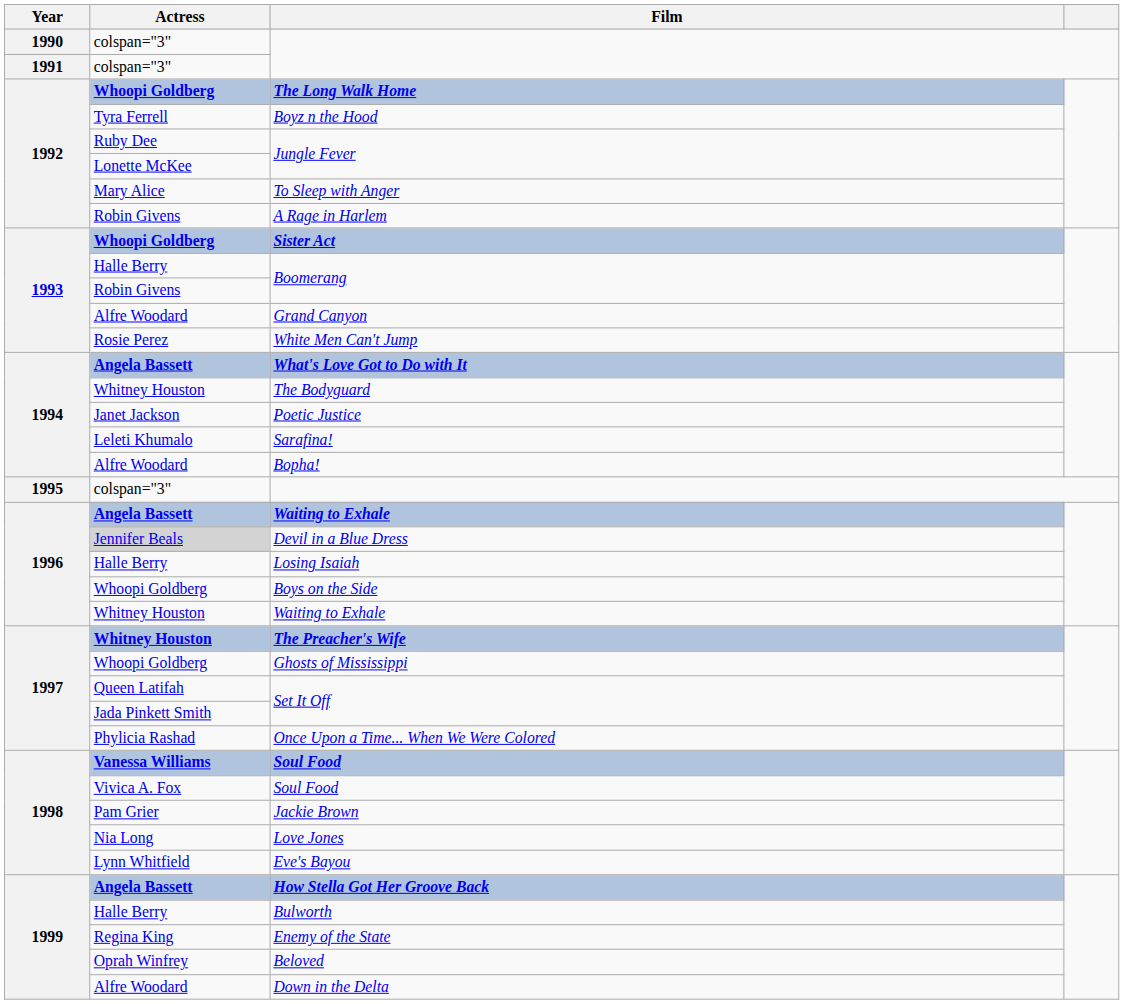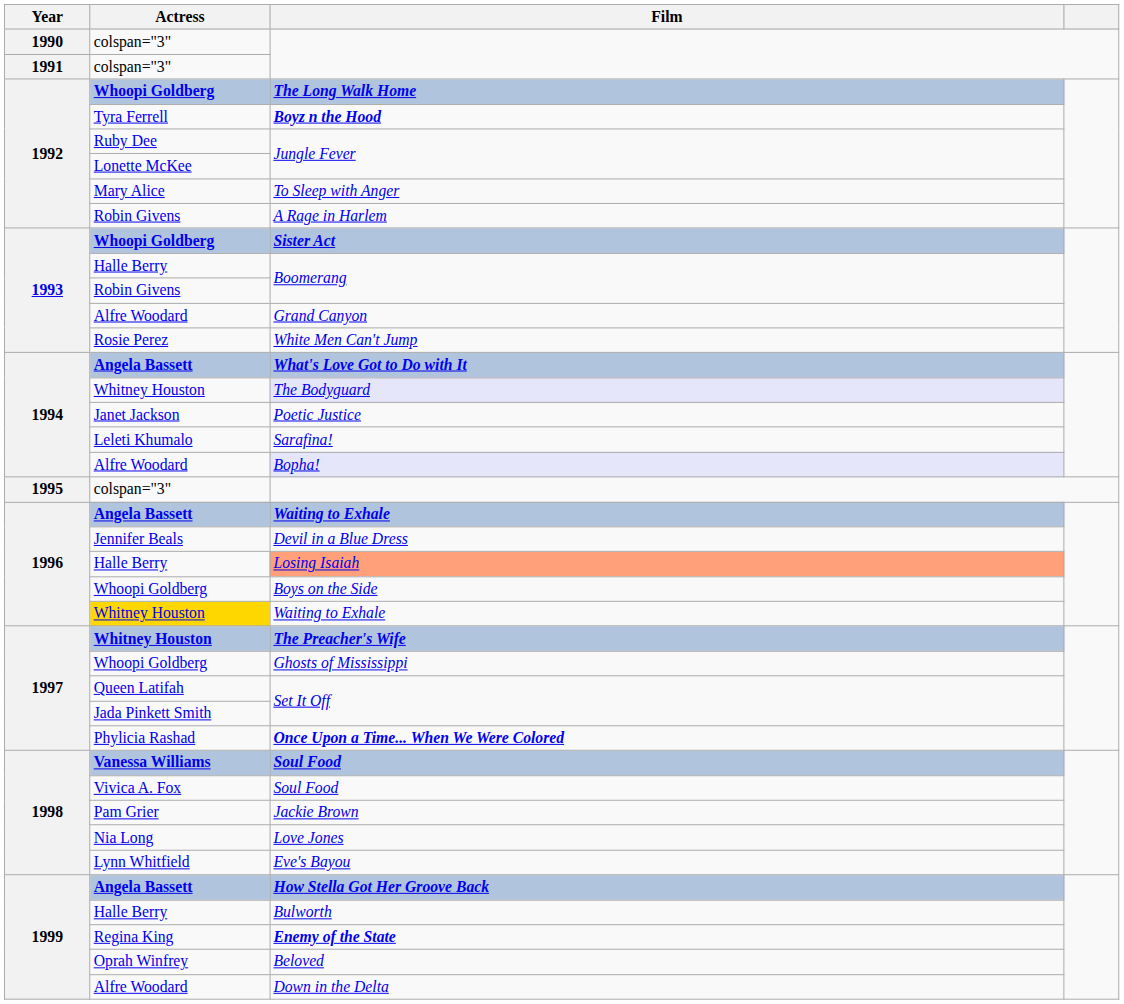 <table class="wikitable" style="width:90%;">
 <tr style="background:#bebebe;">
 <th scope="col" style="width:5em;">Year</th>
 <th scope="col" style="width:11em;">Actress</th>
 <th scope="col">Film</th>
 <th scope="col" style="width:3em;"></th>
 </tr>
 <tr>
 <th scope="row">1990</th>
 <td>colspan="3" </td>
 </tr>
 <tr>
 <th scope="row">1991</th>
 <td>colspan="3" </td>
 </tr>
 <tr>
 <th scope="row" rowspan="6">1992</th>
 <td style="background:#B0C4DE; font-weight:bold;"><a href='#'>Whoopi Goldberg</a></td>
 <td style="background:#B0C4DE; font-weight:bold;"><em><a href='#'>The Long Walk Home</a></em></td>
 <td rowspan="6" style="text-align:center;"></td>
 </tr>
 <tr>
 <td><a href='#'>Tyra Ferrell</a></td>
-<td><em><a href='#'>Boyz n the Hood</a></em></td>
+<td><strong><em><a href='#'>Boyz n the Hood</a></em></strong></td>
 </tr>
 <tr>
 <td><a href='#'>Ruby Dee</a></td>
 <td rowspan="2"><em><a href='#'>Jungle Fever</a></em></td>
 </tr>
 <tr>
 <td><a href='#'>Lonette McKee</a></td>
 </tr>
 <tr>
 <td><a href='#'>Mary Alice</a></td>
 <td><em><a href='#'>To Sleep with Anger</a></em></td>
 </tr>
 <tr>
 <td><a href='#'>Robin Givens</a></td>
 <td><em><a href='#'>A Rage in Harlem</a></em></td>
 </tr>
 <tr>
 <th scope="row" rowspan="5"><a href='#'>1993</a></th>
 <td style="background:#B0C4DE; font-weight:bold;"><a href='#'>Whoopi Goldberg</a></td>
 <td style="background:#B0C4DE; font-weight:bold;"><em><a href='#'>Sister Act</a></em></td>
 <td rowspan="5" style="text-align:center;"></td>
 </tr>
 <tr>
 <td><a href='#'>Halle Berry</a></td>
 <td rowspan="2"><em><a href='#'>Boomerang</a></em></td>
 </tr>
 <tr>
 <td><a href='#'>Robin Givens</a></td>
 </tr>
 <tr>
 <td><a href='#'>Alfre Woodard</a></td>
 <td><em><a href='#'>Grand Canyon</a></em></td>
 </tr>
 <tr>
 <td><a href='#'>Rosie Perez</a></td>
 <td><em><a href='#'>White Men Can't Jump</a></em></td>
 </tr>
 <tr>
 <th scope="row" rowspan="5">1994</th>
 <td style="background:#B0C4DE; font-weight:bold;"><a href='#'>Angela Bassett</a></td>
 <td style="background:#B0C4DE; font-weight:bold;"><em><a href='#'>What's Love Got to Do with It</a></em></td>
 <td rowspan="5" style="text-align:center;"></td>
 </tr>
 <tr>
 <td><a href='#'>Whitney Houston</a></td>
-<td><em><a href='#'>The Bodyguard</a></em></td>
+<td style="background: lavender;"><em><a href='#'>The Bodyguard</a></em></td>
 </tr>
 <tr>
 <td><a href='#'>Janet Jackson</a></td>
 <td><em><a href='#'>Poetic Justice</a></em></td>
 </tr>
 <tr>
 <td><a href='#'>Leleti Khumalo</a></td>
 <td><em><a href='#'>Sarafina!</a></em></td>
 </tr>
 <tr>
 <td><a href='#'>Alfre Woodard</a></td>
-<td><em><a href='#'>Bopha!</a></em></td>
+<td style="background: lavender;"><em><a href='#'>Bopha!</a></em></td>
 </tr>
 <tr>
 <th scope="row">1995</th>
 <td>colspan="3" </td>
 </tr>
 <tr>
 <th scope="row" rowspan="5">1996</th>
 <td style="background:#B0C4DE; font-weight:bold;"><a href='#'>Angela Bassett</a></td>
 <td style="background:#B0C4DE; font-weight:bold;"><em><a href='#'>Waiting to Exhale</a></em></td>
 <td rowspan="5" style="text-align:center;"></td>
 </tr>
 <tr>
-<td style="background: lightgrey;"><a href='#'>Jennifer Beals</a></td>
+<td><a href='#'>Jennifer Beals</a></td>
 <td><em><a href='#'>Devil in a Blue Dress</a></em></td>
 </tr>
 <tr>
 <td><a href='#'>Halle Berry</a></td>
-<td><em><a href='#'>Losing Isaiah</a></em></td>
+<td style="background: lightsalmon;"><em><a href='#'>Losing Isaiah</a></em></td>
 </tr>
 <tr>
 <td><a href='#'>Whoopi Goldberg</a></td>
 <td><em><a href='#'>Boys on the Side</a></em></td>
 </tr>
 <tr>
-<td><a href='#'>Whitney Houston</a></td>
+<td style="background: gold;"><a href='#'>Whitney Houston</a></td>
 <td><em><a href='#'>Waiting to Exhale</a></em></td>
 </tr>
 <tr>
 <th scope="row" rowspan="5">1997</th>
 <td style="background:#B0C4DE; font-weight:bold;"><a href='#'>Whitney Houston</a></td>
 <td style="background:#B0C4DE; font-weight:bold;"><em><a href='#'>The Preacher's Wife</a></em></td>
 <td rowspan="5" style="text-align:center;"></td>
 </tr>
 <tr>
 <td><a href='#'>Whoopi Goldberg</a></td>
 <td><em><a href='#'>Ghosts of Mississippi</a></em></td>
 </tr>
 <tr>
 <td><a href='#'>Queen Latifah</a></td>
 <td rowspan="2"><em><a href='#'>Set It Off</a></em></td>
 </tr>
 <tr>
 <td><a href='#'>Jada Pinkett Smith</a></td>
 </tr>
 <tr>
 <td><a href='#'>Phylicia Rashad</a></td>
-<td><em><a href='#'>Once Upon a Time... When We Were Colored</a></em></td>
+<td><strong><em><a href='#'>Once Upon a Time... When We Were Colored</a></em></strong></td>
 </tr>
 <tr>
 <th scope="row" rowspan="5">1998</th>
 <td style="background:#B0C4DE; font-weight:bold;"><a href='#'>Vanessa Williams</a></td>
 <td style="background:#B0C4DE; font-weight:bold;"><em><a href='#'>Soul Food</a></em></td>
 <td rowspan="5" style="text-align:center;"></td>
 </tr>
 <tr>
 <td><a href='#'>Vivica A. Fox</a></td>
 <td><em><a href='#'>Soul Food</a></em></td>
 </tr>
 <tr>
 <td><a href='#'>Pam Grier</a></td>
 <td><em><a href='#'>Jackie Brown</a></em></td>
 </tr>
 <tr>
 <td><a href='#'>Nia Long</a></td>
 <td><em><a href='#'>Love Jones</a></em></td>
 </tr>
 <tr>
 <td><a href='#'>Lynn Whitfield</a></td>
 <td><em><a href='#'>Eve's Bayou</a></em></td>
 </tr>
 <tr>
 <th scope="row" rowspan="5">1999</th>
 <td style="background:#B0C4DE; font-weight:bold;"><a href='#'>Angela Bassett</a></td>
 <td style="background:#B0C4DE; font-weight:bold;"><em><a href='#'>How Stella Got Her Groove Back</a></em></td>
 <td rowspan="5" style="text-align:center;"></td>
 </tr>
 <tr>
 <td><a href='#'>Halle Berry</a></td>
 <td><em><a href='#'>Bulworth</a></em></td>
 </tr>
 <tr>
 <td><a href='#'>Regina King</a></td>
-<td><em><a href='#'>Enemy of the State</a></em></td>
+<td><strong><em><a href='#'>Enemy of the State</a></em></strong></td>
 </tr>
 <tr>
 <td><a href='#'>Oprah Winfrey</a></td>
 <td><em><a href='#'>Beloved</a></em></td>
 </tr>
 <tr>
 <td><a href='#'>Alfre Woodard</a></td>
 <td><em><a href='#'>Down in the Delta</a></em></td>
 </tr>
 </table>
